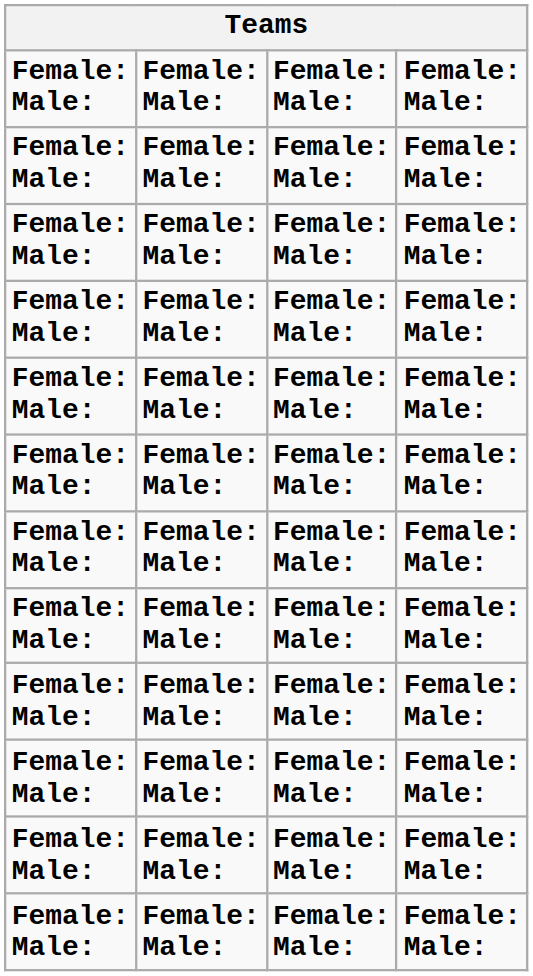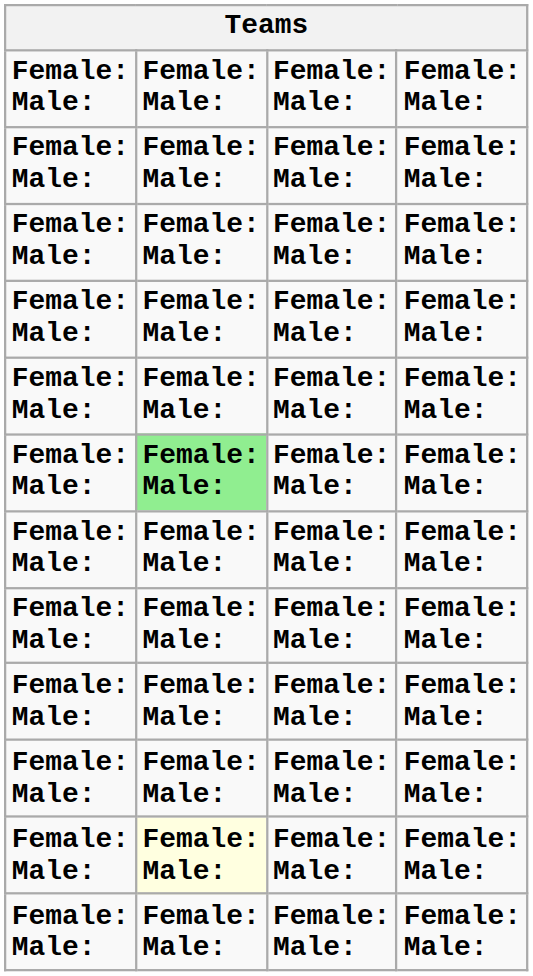 <table class="wikitable" style="font-size:95%;">
 <tr>
 <th colspan=4>Teams</th>
 </tr>
 <tr>
 <td><strong>Female:</strong> <br><strong>Male:</strong> </td>
 <td><strong>Female:</strong> <br><strong>Male:</strong> </td>
 <td><strong>Female:</strong> <br><strong>Male:</strong> </td>
 <td><strong>Female:</strong> <br><strong>Male:</strong> </td>
 </tr>
 <tr>
 <td><strong>Female:</strong> <br><strong>Male:</strong> </td>
 <td><strong>Female:</strong> <br><strong>Male:</strong> </td>
 <td><strong>Female:</strong> <br><strong>Male:</strong> </td>
 <td><strong>Female:</strong> <br><strong>Male:</strong> </td>
 </tr>
 <tr>
 <td><strong>Female:</strong> <br><strong>Male:</strong> </td>
 <td><strong>Female:</strong> <br><strong>Male:</strong> </td>
 <td><strong>Female:</strong> <br><strong>Male:</strong> </td>
 <td><strong>Female:</strong> <br><strong>Male:</strong> </td>
 </tr>
 <tr>
 <td><strong>Female:</strong> <br><strong>Male:</strong> </td>
 <td><strong>Female:</strong> <br><strong>Male:</strong> </td>
 <td><strong>Female:</strong> <br><strong>Male:</strong> </td>
 <td><strong>Female:</strong> <br><strong>Male:</strong> </td>
 </tr>
 <tr>
 <td><strong>Female:</strong> <br><strong>Male:</strong> </td>
 <td><strong>Female:</strong> <br><strong>Male:</strong> </td>
 <td><strong>Female:</strong> <br><strong>Male:</strong> </td>
 <td><strong>Female:</strong> <br><strong>Male:</strong> </td>
 </tr>
 <tr>
 <td><strong>Female:</strong> <br><strong>Male:</strong> </td>
-<td><strong>Female:</strong> <br><strong>Male:</strong> </td>
+<td style="background: lightgreen;"><strong>Female:</strong> <br><strong>Male:</strong> </td>
 <td><strong>Female:</strong> <br><strong>Male:</strong> </td>
 <td><strong>Female:</strong> <br><strong>Male:</strong> </td>
 </tr>
 <tr>
 <td><strong>Female:</strong> <br><strong>Male:</strong> </td>
 <td><strong>Female:</strong> <br><strong>Male:</strong> </td>
 <td><strong>Female:</strong> <br><strong>Male:</strong> </td>
 <td><strong>Female:</strong> <br><strong>Male:</strong> </td>
 </tr>
 <tr>
 <td><strong>Female:</strong> <br><strong>Male:</strong> </td>
 <td><strong>Female:</strong> <br><strong>Male:</strong> </td>
 <td><strong>Female:</strong> <br><strong>Male:</strong> </td>
 <td><strong>Female:</strong> <br><strong>Male:</strong> </td>
 </tr>
 <tr>
 <td><strong>Female:</strong> <br><strong>Male:</strong> </td>
 <td><strong>Female:</strong> <br><strong>Male:</strong> </td>
 <td><strong>Female:</strong> <br><strong>Male:</strong> </td>
 <td><strong>Female:</strong> <br><strong>Male:</strong> </td>
 </tr>
 <tr>
 <td><strong>Female:</strong> <br><strong>Male:</strong> </td>
 <td><strong>Female:</strong> <br><strong>Male:</strong> </td>
 <td><strong>Female:</strong> <br><strong>Male:</strong> </td>
 <td><strong>Female:</strong> <br><strong>Male:</strong> </td>
 </tr>
 <tr>
 <td><strong>Female:</strong> <br><strong>Male:</strong> </td>
-<td><strong>Female:</strong> <br><strong>Male:</strong> </td>
+<td style="background: lightyellow;"><strong>Female:</strong> <br><strong>Male:</strong> </td>
 <td><strong>Female:</strong> <br><strong>Male:</strong> </td>
 <td><strong>Female:</strong> <br><strong>Male:</strong> </td>
 </tr>
 <tr>
 <td><strong>Female:</strong> <br><strong>Male:</strong> </td>
 <td><strong>Female:</strong> <br><strong>Male:</strong> </td>
 <td><strong>Female:</strong> <br><strong>Male:</strong> </td>
 <td><strong>Female:</strong> <br><strong>Male:</strong> </td>
 </tr>
 </table>
